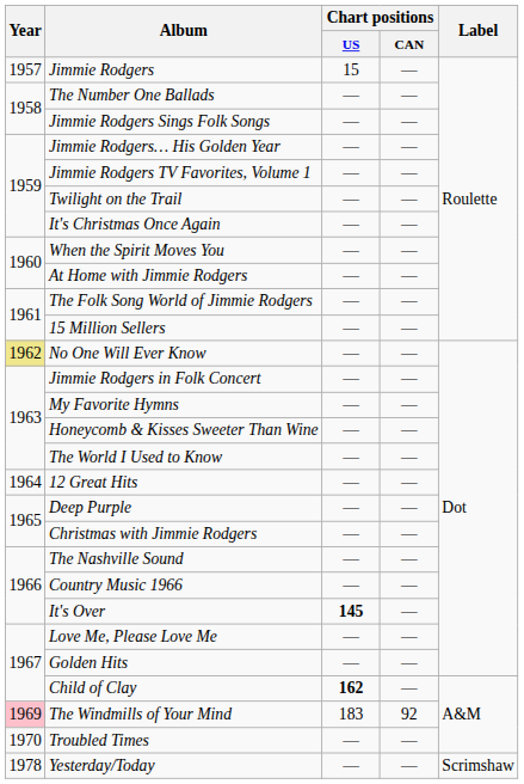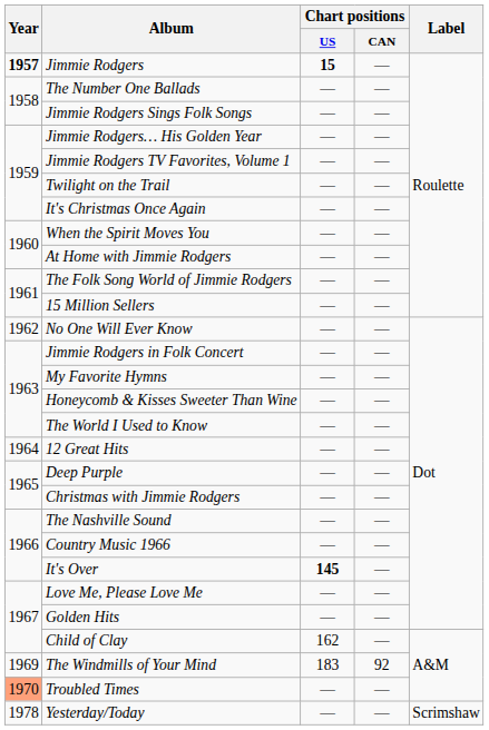 <table class="wikitable">
 <tr>
 <th rowspan="2">Year</th>
 <th rowspan="2">Album</th>
 <th colspan="2">Chart positions</th>
 <th rowspan="2">Label</th>
 </tr>
 <tr>
 <th style="width:50px;"><small><a href='#'>US</a></small></th>
 <th style="width:50px;"><small>CAN</small></th>
 </tr>
 <tr>
-<td>1957</td>
+<td><strong>1957</strong></td>
 <td><em>Jimmie Rodgers</em></td>
-<td style="text-align:center;">15</td>
+<td style="text-align:center;"><strong>15</strong></td>
 <td style="text-align:center;">—</td>
 <td rowspan="11">Roulette</td>
 </tr>
 <tr>
 <td rowspan="2">1958</td>
 <td><em>The Number One Ballads</em></td>
 <td style="text-align:center;">—</td>
 <td style="text-align:center;">—</td>
 </tr>
 <tr>
 <td><em>Jimmie Rodgers Sings Folk Songs</em></td>
 <td style="text-align:center;">—</td>
 <td style="text-align:center;">—</td>
 </tr>
 <tr>
 <td rowspan="4">1959</td>
 <td><em>Jimmie Rodgers… His Golden Year</em></td>
 <td style="text-align:center;">—</td>
 <td style="text-align:center;">—</td>
 </tr>
 <tr>
 <td><em>Jimmie Rodgers TV Favorites, Volume 1</em></td>
 <td style="text-align:center;">—</td>
 <td style="text-align:center;">—</td>
 </tr>
 <tr>
 <td><em>Twilight on the Trail</em></td>
 <td style="text-align:center;">—</td>
 <td style="text-align:center;">—</td>
 </tr>
 <tr>
 <td><em>It's Christmas Once Again</em></td>
 <td style="text-align:center;">—</td>
 <td style="text-align:center;">—</td>
 </tr>
 <tr>
 <td rowspan="2">1960</td>
 <td><em>When the Spirit Moves You</em></td>
 <td style="text-align:center;">—</td>
 <td style="text-align:center;">—</td>
 </tr>
 <tr>
 <td><em>At Home with Jimmie Rodgers</em></td>
 <td style="text-align:center;">—</td>
 <td style="text-align:center;">—</td>
 </tr>
 <tr>
 <td rowspan="2">1961</td>
 <td><em>The Folk Song World of Jimmie Rodgers</em></td>
 <td style="text-align:center;">—</td>
 <td style="text-align:center;">—</td>
 </tr>
 <tr>
 <td><em>15 Million Sellers</em></td>
 <td style="text-align:center;">—</td>
 <td style="text-align:center;">—</td>
 </tr>
 <tr>
-<td style="background: khaki;">1962</td>
+<td>1962</td>
 <td><em>No One Will Ever Know</em></td>
 <td style="text-align:center;">—</td>
 <td style="text-align:center;">—</td>
 <td rowspan="13">Dot</td>
 </tr>
 <tr>
 <td rowspan="4">1963</td>
 <td><em>Jimmie Rodgers in Folk Concert</em></td>
 <td style="text-align:center;">—</td>
 <td style="text-align:center;">—</td>
 </tr>
 <tr>
 <td><em>My Favorite Hymns</em></td>
 <td style="text-align:center;">—</td>
 <td style="text-align:center;">—</td>
 </tr>
 <tr>
 <td><em>Honeycomb & Kisses Sweeter Than Wine</em></td>
 <td style="text-align:center;">—</td>
 <td style="text-align:center;">—</td>
 </tr>
 <tr>
 <td><em>The World I Used to Know</em></td>
 <td style="text-align:center;">—</td>
 <td style="text-align:center;">—</td>
 </tr>
 <tr>
 <td>1964</td>
 <td><em>12 Great Hits</em></td>
 <td style="text-align:center;">—</td>
 <td style="text-align:center;">—</td>
 </tr>
 <tr>
 <td rowspan="2">1965</td>
 <td><em>Deep Purple</em></td>
 <td style="text-align:center;">—</td>
 <td style="text-align:center;">—</td>
 </tr>
 <tr>
 <td><em>Christmas with Jimmie Rodgers</em></td>
 <td style="text-align:center;">—</td>
 <td style="text-align:center;">—</td>
 </tr>
 <tr>
 <td rowspan="3">1966</td>
 <td><em>The Nashville Sound</em></td>
 <td style="text-align:center;">—</td>
 <td style="text-align:center;">—</td>
 </tr>
 <tr>
 <td><em>Country Music 1966</em></td>
 <td style="text-align:center;">—</td>
 <td style="text-align:center;">—</td>
 </tr>
 <tr>
 <td><em>It's Over</em></td>
 <td style="text-align:center;"><strong>145</strong></td>
 <td style="text-align:center;">—</td>
 </tr>
 <tr>
 <td rowspan="3">1967</td>
 <td><em>Love Me, Please Love Me</em></td>
 <td style="text-align:center;">—</td>
 <td style="text-align:center;">—</td>
 </tr>
 <tr>
 <td><em>Golden Hits</em></td>
 <td style="text-align:center;">—</td>
 <td style="text-align:center;">—</td>
 </tr>
 <tr>
 <td><em>Child of Clay</em></td>
-<td style="text-align:center;"><strong>162</strong></td>
+<td style="text-align:center;">162</td>
 <td style="text-align:center;">—</td>
 <td rowspan="3">A&M</td>
 </tr>
 <tr>
-<td style="background: pink;">1969</td>
+<td>1969</td>
 <td><em>The Windmills of Your Mind</em></td>
 <td style="text-align:center;">183</td>
 <td style="text-align:center;">92</td>
 </tr>
 <tr>
-<td>1970</td>
+<td style="background: lightsalmon;">1970</td>
 <td><em>Troubled Times</em></td>
 <td style="text-align:center;">—</td>
 <td style="text-align:center;">—</td>
 </tr>
 <tr>
 <td>1978</td>
 <td><em>Yesterday/Today</em></td>
 <td style="text-align:center;">—</td>
 <td style="text-align:center;">—</td>
 <td>Scrimshaw</td>
 </tr>
 </table>
